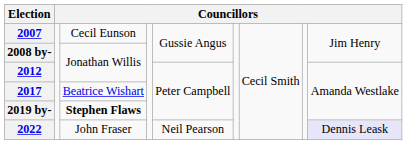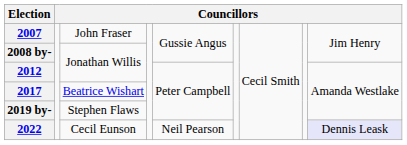 <table class="wikitable" style="text-align:center">
 <tr>
 <th>Election</th>
 <th colspan=8>Councillors</th>
 </tr>
 <tr>
 <th><a href='#'>2007</a></th>
 <td rowspan=6; style="background-color: "></td>
-<td rowspan=1>Cecil Eunson</td>
+<td>John Fraser</td>
 <td rowspan=6; style="background-color: "></td>
 <td rowspan=2>Gussie Angus</td>
 <td rowspan=6; style="background-color: "></td>
 <td rowspan=6>Cecil Smith</td>
 <td rowspan=6; style="background-color: "></td>
 <td rowspan=2>Jim Henry</td>
 </tr>
 <tr>
 <th>2008 by-</th>
 <td rowspan=2>Jonathan Willis</td>
 </tr>
 <tr>
 <th><a href='#'>2012</a></th>
 <td rowspan=3>Peter Campbell</td>
 <td rowspan=3>Amanda Westlake</td>
 </tr>
 <tr>
 <th><a href='#'>2017</a></th>
 <td rowspan=1><a href='#'>Beatrice Wishart</a></td>
 </tr>
 <tr>
 <th>2019 by-</th>
-<td rowspan=1><strong>Stephen Flaws</strong></td>
+<td rowspan=1>Stephen Flaws</td>
 </tr>
 <tr>
 <th><a href='#'>2022</a></th>
-<td>John Fraser</td>
+<td rowspan=1>Cecil Eunson</td>
 <td>Neil Pearson</td>
 <td style="background: lavender;">Dennis Leask</td>
 </tr>
 </table>
